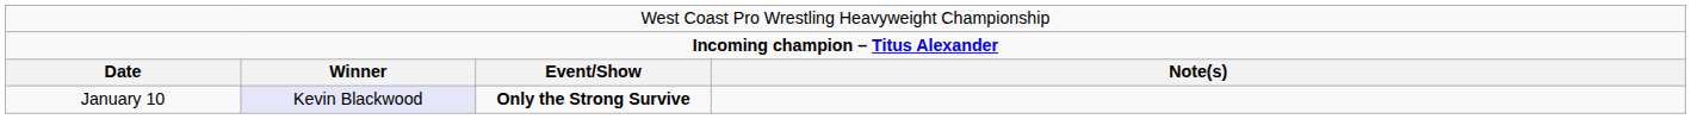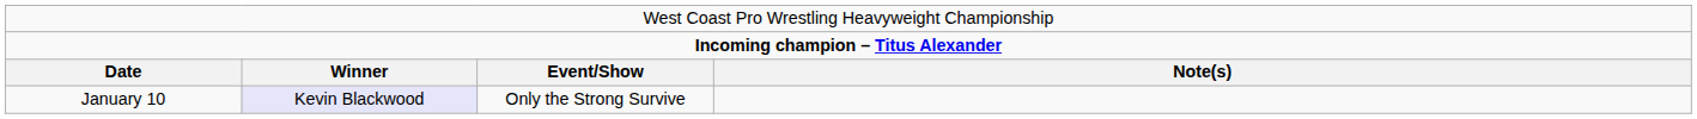 <table class="wikitable" style="text-align:center; width:100%;">
 <tr>
 <td colspan="4" style="text-align: center;">West Coast Pro Wrestling Heavyweight Championship</td>
 </tr>
 <tr>
 <td colspan="4" style="text-align: center;"><strong>Incoming champion – <a href='#'>Titus Alexander</a></strong></td>
 </tr>
 <tr>
 <th width="14%">Date</th>
 <th width="14%">Winner</th>
 <th width="14%">Event/Show</th>
 <th width="58%">Note(s)</th>
 </tr>
 <tr>
 <td>January 10</td>
 <td style="background: lavender;">Kevin Blackwood</td>
-<td><strong>Only the Strong Survive</strong></td>
+<td>Only the Strong Survive</td>
 <td></td>
 </tr>
 </table>
